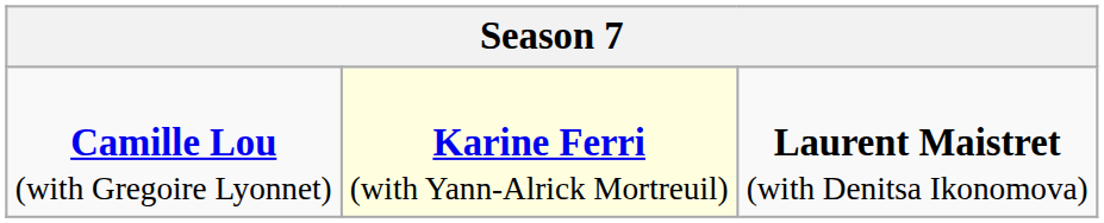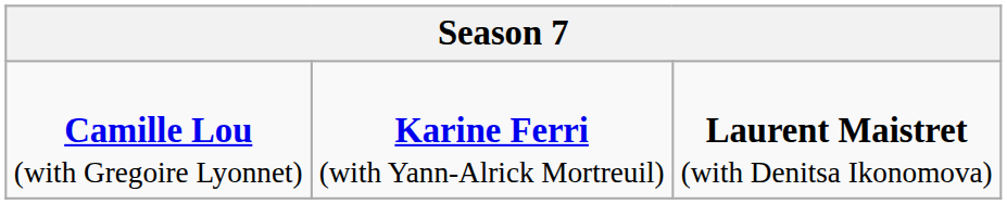 <table class="wikitable" style="float:left; margin:0.5em;">
 <tr>
 <th colspan="3"><strong>Season 7</strong></th>
 </tr>
 <tr>
 <td align="center"><br><strong><a href='#'>Camille Lou</a></strong><br><small>(with Gregoire Lyonnet)</small></td>
-<td align="center" style="background: lightyellow;"><br><strong><a href='#'>Karine Ferri</a></strong><br><small>(with Yann-Alrick Mortreuil)</small></td>
+<td align="center"><br><strong><a href='#'>Karine Ferri</a></strong><br><small>(with Yann-Alrick Mortreuil)</small></td>
 <td align="center"><br><strong>Laurent Maistret</strong><br><small>(with Denitsa Ikonomova)</small></td>
 </tr>
 </table>
